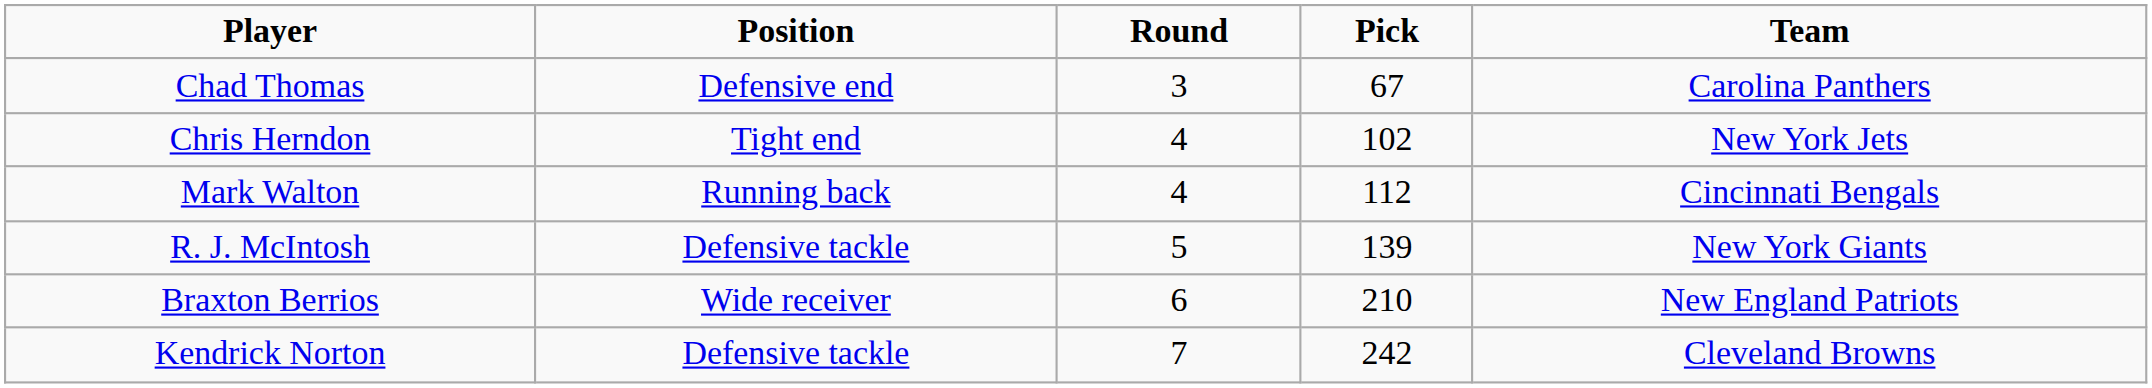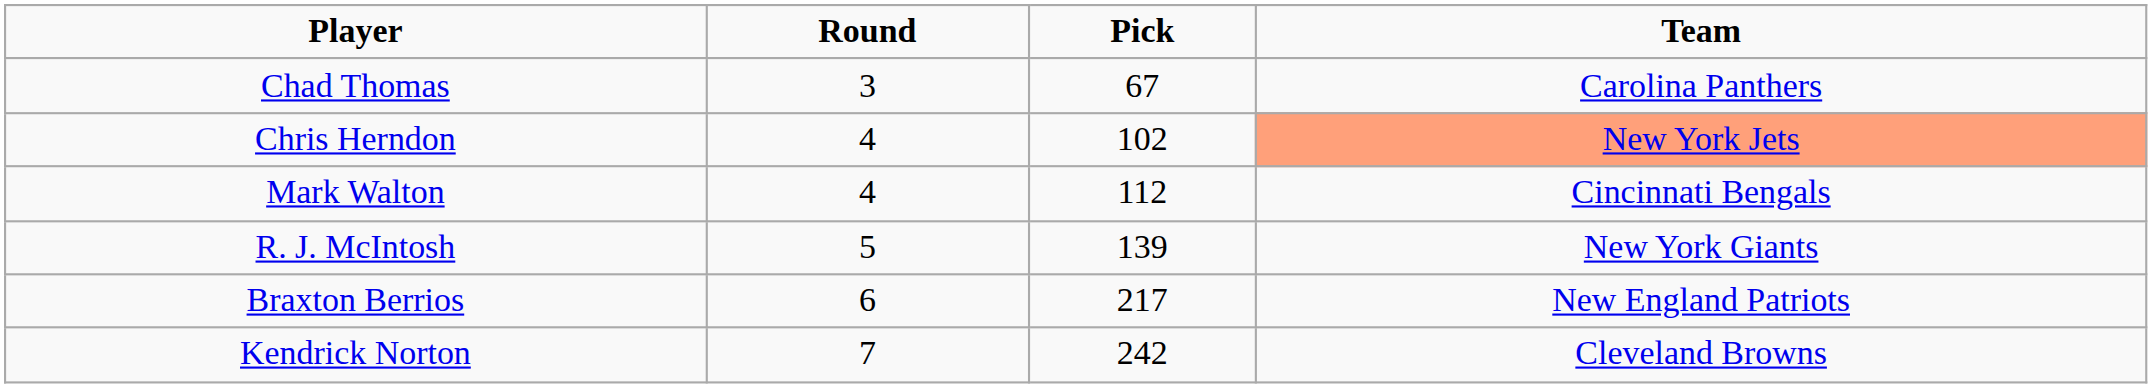 <table class="wikitable" style="width:80%;">
 <tr style="text-align:center; ">
 <td><strong>Player</strong></td>
-<td><strong>Position</strong></td>
 <td><strong>Round</strong></td>
 <td><strong>Pick</strong></td>
 <td><strong>Team</strong></td>
 </tr>
 <tr style="text-align:center;">
 <td><a href='#'>Chad Thomas</a></td>
-<td><a href='#'>Defensive end</a></td>
 <td>3</td>
 <td>67</td>
 <td><a href='#'>Carolina Panthers</a></td>
 </tr>
 <tr style="text-align:center;">
 <td><a href='#'>Chris Herndon</a></td>
-<td><a href='#'>Tight end</a></td>
 <td>4</td>
 <td>102</td>
-<td><a href='#'>New York Jets</a></td>
+<td style="background: lightsalmon;"><a href='#'>New York Jets</a></td>
 </tr>
 <tr style="text-align:center;">
 <td><a href='#'>Mark Walton</a></td>
-<td><a href='#'>Running back</a></td>
 <td>4</td>
 <td>112</td>
 <td><a href='#'>Cincinnati Bengals</a></td>
 </tr>
 <tr style="text-align:center;">
 <td><a href='#'>R. J. McIntosh</a></td>
-<td><a href='#'>Defensive tackle</a></td>
 <td>5</td>
 <td>139</td>
 <td><a href='#'>New York Giants</a></td>
 </tr>
 <tr style="text-align:center;">
 <td><a href='#'>Braxton Berrios</a></td>
-<td><a href='#'>Wide receiver</a></td>
 <td>6</td>
-<td>210</td>
+<td>217</td>
 <td><a href='#'>New England Patriots</a></td>
 </tr>
 <tr style="text-align:center;">
 <td><a href='#'>Kendrick Norton</a></td>
-<td><a href='#'>Defensive tackle</a></td>
 <td>7</td>
 <td>242</td>
 <td><a href='#'>Cleveland Browns</a></td>
 </tr>
 </table>
